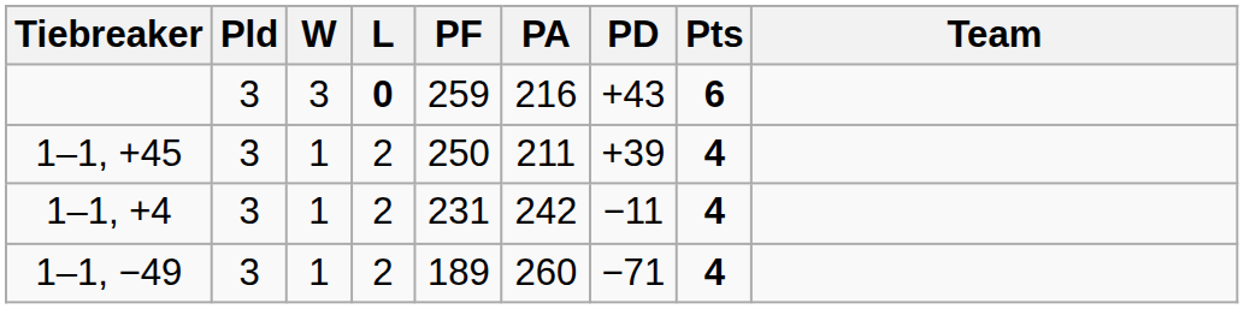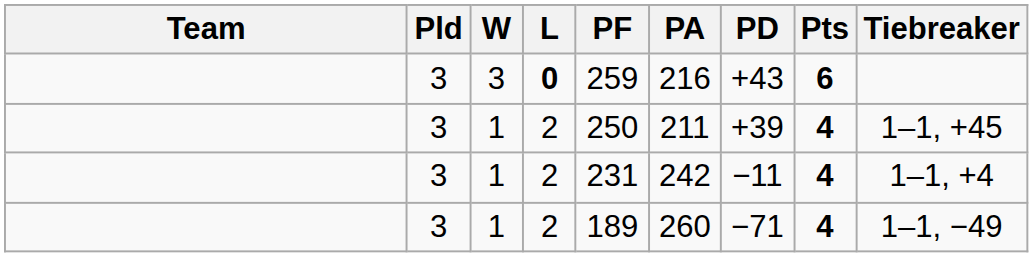 <table class="wikitable" style="text-align:center;">
 <tr>
-<th width=30>Tiebreaker</th>
+<th width=200>Team</th>
 <th width=20>Pld</th>
 <th width=20>W</th>
 <th width=20>L</th>
 <th width=30>PF</th>
 <th width=30>PA</th>
 <th width=30>PD</th>
 <th width=20>Pts</th>
-<th width=200>Team</th>
+<th width=30>Tiebreaker</th>
 </tr>
 <tr>
-<td></td>
+<td align=left></td>
 <td>3</td>
 <td>3</td>
 <td><strong>0</strong></td>
 <td>259</td>
 <td>216</td>
 <td>+43</td>
 <td><strong>6</strong></td>
-<td align=left></td>
+<td></td>
 </tr>
 <tr>
-<td>1–1, +45</td>
+<td align=left></td>
 <td>3</td>
 <td>1</td>
 <td>2</td>
 <td>250</td>
 <td>211</td>
 <td>+39</td>
 <td><strong>4</strong></td>
-<td align=left></td>
+<td>1–1, +45</td>
 </tr>
 <tr>
-<td>1–1, +4</td>
+<td align=left></td>
 <td>3</td>
 <td>1</td>
 <td>2</td>
 <td>231</td>
 <td>242</td>
 <td>−11</td>
 <td><strong>4</strong></td>
-<td align=left></td>
+<td>1–1, +4</td>
 </tr>
 <tr>
-<td>1–1, −49</td>
+<td align=left></td>
 <td>3</td>
 <td>1</td>
 <td>2</td>
 <td>189</td>
 <td>260</td>
 <td>−71</td>
 <td><strong>4</strong></td>
-<td align=left></td>
+<td>1–1, −49</td>
 </tr>
 </table>
